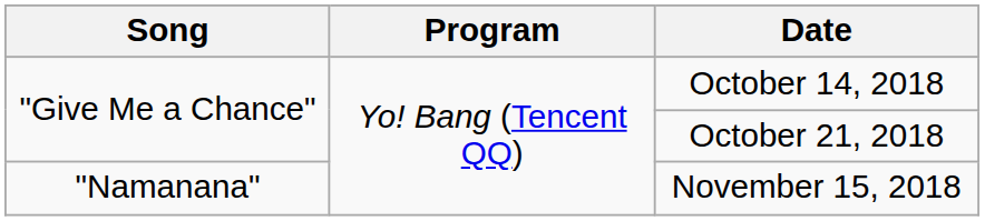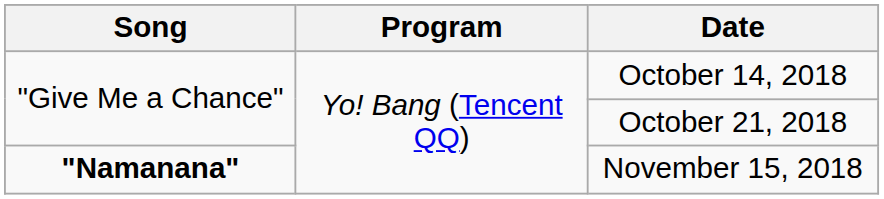 <table class="wikitable" style="text-align:center;">
 <tr>
 <th style="width:150px;">Song</th>
 <th style="width:150px;">Program</th>
 <th style="width:150px;">Date</th>
 </tr>
 <tr>
 <td rowspan="2">"Give Me a Chance"</td>
 <td rowspan="3"><em>Yo! Bang</em> (<a href='#'>Tencent QQ</a>)</td>
 <td>October 14, 2018</td>
 </tr>
 <tr>
 <td>October 21, 2018</td>
 </tr>
 <tr>
-<td>"Namanana"</td>
+<td><strong>"Namanana"</strong></td>
 <td>November 15, 2018</td>
 </tr>
 </table>
